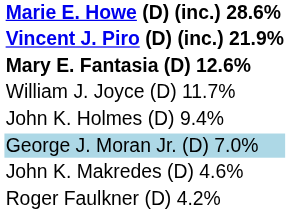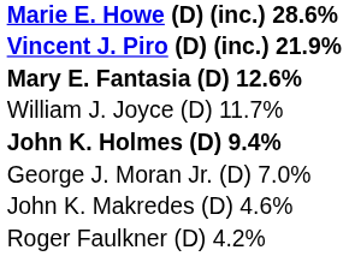 <table>
 <tr>
 <td><strong><a href='#'>Marie E. Howe</a> (D) (inc.) 28.6%</strong></td>
 </tr>
 <tr>
 <td><strong><a href='#'>Vincent J. Piro</a> (D) (inc.) 21.9%</strong></td>
 </tr>
 <tr>
 <td><strong>Mary E. Fantasia (D) 12.6%</strong></td>
 </tr>
 <tr>
 <td>William J. Joyce (D) 11.7%</td>
 </tr>
 <tr>
-<td>John K. Holmes (D) 9.4%</td>
+<td><strong>John K. Holmes (D) 9.4%</strong></td>
 </tr>
 <tr>
-<td style="background: lightblue;">George J. Moran Jr. (D) 7.0%</td>
+<td>George J. Moran Jr. (D) 7.0%</td>
 </tr>
 <tr>
 <td>John K. Makredes (D) 4.6%</td>
 </tr>
 <tr>
 <td>Roger Faulkner (D) 4.2%</td>
 </tr>
 </table>
